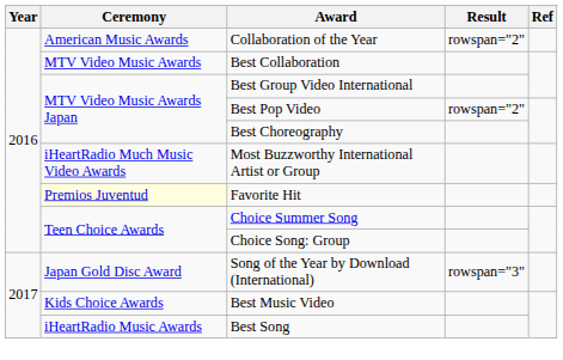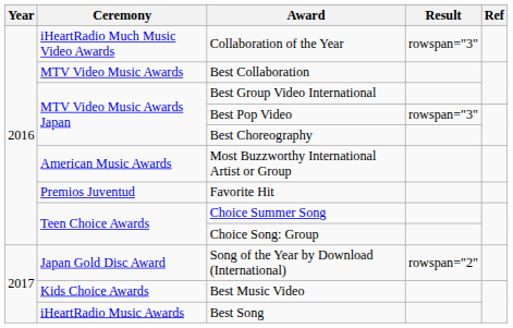 <table class="wikitable">
 <tr>
 <th>Year</th>
 <th>Ceremony</th>
 <th>Award</th>
 <th>Result</th>
 <th>Ref</th>
 </tr>
 <tr>
 <td rowspan="9">2016</td>
-<td rowspan="1"><a href='#'>American Music Awards</a></td>
+<td rowspan="1"><a href='#'>iHeartRadio Much Music Video Awards</a></td>
 <td>Collaboration of the Year</td>
-<td>rowspan="2" </td>
+<td>rowspan="3" </td>
 <td rowspan="1"></td>
 </tr>
 <tr>
 <td rowspan="1"><a href='#'>MTV Video Music Awards</a></td>
 <td>Best Collaboration</td>
 <td rowspan="1"></td>
 </tr>
 <tr>
 <td rowspan="3"><a href='#'>MTV Video Music Awards Japan</a></td>
 <td>Best Group Video International</td>
 <td rowspan="1"></td>
 </tr>
 <tr>
 <td>Best Pop Video</td>
-<td>rowspan="2" </td>
+<td>rowspan="3" </td>
 <td rowspan="2"></td>
 </tr>
 <tr>
 <td>Best Choreography</td>
 </tr>
 <tr>
-<td rowspan="1"><a href='#'>iHeartRadio Much Music Video Awards</a></td>
+<td rowspan="1"><a href='#'>American Music Awards</a></td>
 <td>Most Buzzworthy International Artist or Group</td>
 <td></td>
 <td></td>
 </tr>
 <tr>
-<td rowspan="1" style="background: lightyellow;"><a href='#'>Premios Juventud</a></td>
+<td rowspan="1"><a href='#'>Premios Juventud</a></td>
 <td>Favorite Hit</td>
 <td></td>
 <td></td>
 </tr>
 <tr>
 <td rowspan="2"><a href='#'>Teen Choice Awards</a></td>
 <td><a href='#'>Choice Summer Song</a></td>
 <td></td>
 <td rowspan="2"></td>
 </tr>
 <tr>
 <td>Choice Song: Group</td>
 <td></td>
 </tr>
 <tr>
 <td rowspan="3">2017</td>
 <td rowspan="1"><a href='#'>Japan Gold Disc Award</a></td>
 <td>Song of the Year by Download (International)</td>
-<td>rowspan="3" </td>
+<td>rowspan="2" </td>
 <td></td>
 </tr>
 <tr>
 <td rowspan="1"><a href='#'>Kids Choice Awards</a></td>
 <td>Best Music Video</td>
 <td></td>
 </tr>
 <tr>
 <td rowspan="1"><a href='#'>iHeartRadio Music Awards</a></td>
 <td>Best Song</td>
 <td></td>
 </tr>
 </table>
